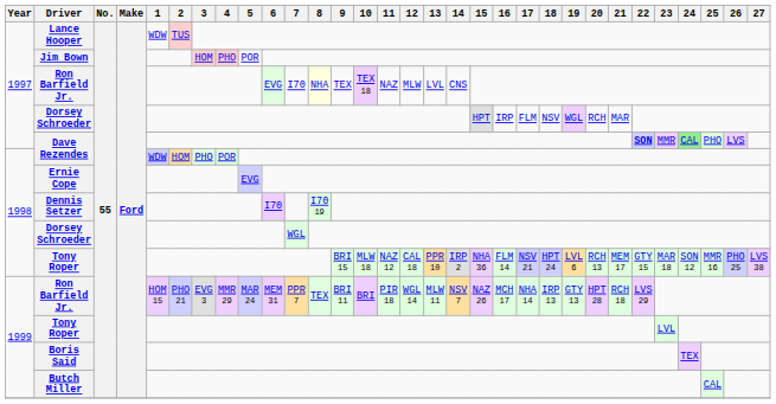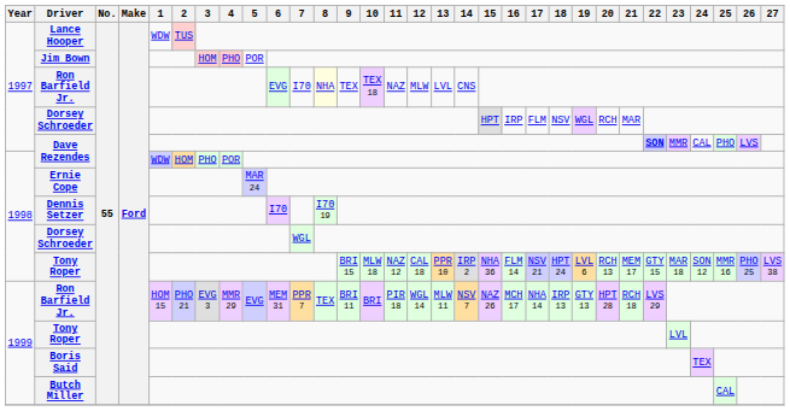 <table class="wikitable" style="text-align:center; font-size:75%">
 <tr>
 <th>Year</th>
 <th>Driver</th>
 <th>No.</th>
 <th>Make</th>
 <th>1</th>
 <th>2</th>
 <th>3</th>
 <th>4</th>
 <th>5</th>
 <th>6</th>
 <th>7</th>
 <th>8</th>
 <th>9</th>
 <th>10</th>
 <th>11</th>
 <th>12</th>
 <th>13</th>
 <th>14</th>
 <th>15</th>
 <th>16</th>
 <th>17</th>
 <th>18</th>
 <th>19</th>
 <th>20</th>
 <th>21</th>
 <th>22</th>
 <th>23</th>
 <th>24</th>
 <th>25</th>
 <th>26</th>
 <th>27</th>
 </tr>
 <tr>
 <td rowspan="5"><a href='#'>1997</a></td>
 <th><a href='#'>Lance Hooper</a></th>
 <th rowspan="14">55</th>
 <th rowspan="14"><a href='#'>Ford</a></th>
 <td><a href='#'>WDW</a></td>
 <td style="background:#FFCFCF;"><a href='#'>TUS</a><br></td>
 <td colspan="25"></td>
 </tr>
 <tr>
 <th><a href='#'>Jim Bown</a></th>
 <td colspan="2"></td>
 <td style="background:#FFCFCF;"><a href='#'>HOM</a><br></td>
 <td style="background:#FFCFCF;"><a href='#'>PHO</a><br></td>
 <td><a href='#'>POR</a></td>
 <td colspan="22"></td>
 </tr>
 <tr>
 <th><a href='#'>Ron Barfield Jr.</a></th>
 <td colspan="5"></td>
 <td style="background:#DFFFDF;"><a href='#'>EVG</a><br></td>
 <td><a href='#'>I70</a></td>
 <td style="background: lightyellow;"><a href='#'>NHA</a></td>
 <td><a href='#'>TEX</a></td>
 <td style="background:#EFCFFF;"><a href='#'>TEX</a><br><small>18</small></td>
 <td><a href='#'>NAZ</a></td>
 <td><a href='#'>MLW</a></td>
 <td><a href='#'>LVL</a></td>
 <td><a href='#'>CNS</a></td>
 <td colspan="21"></td>
 </tr>
 <tr>
 <th><a href='#'>Dorsey Schroeder</a></th>
 <td colspan="14"></td>
 <td style="background:#DFDFDF;"><a href='#'>HPT</a><br></td>
 <td><a href='#'>IRP</a></td>
 <td><a href='#'>FLM</a></td>
 <td><a href='#'>NSV</a></td>
 <td style="background:#EFCFFF;"><a href='#'>WGL</a><br></td>
 <td><a href='#'>RCH</a></td>
 <td><a href='#'>MAR</a></td>
 <td colspan="6"></td>
 </tr>
 <tr>
 <th rowspan="2"><a href='#'>Dave Rezendes</a></th>
 <td colspan="21"></td>
 <td style="background:#CFCFFF;"><strong><a href='#'>SON</a></strong><br></td>
 <td style="background:#EFCFFF;"><a href='#'>MMR</a><br></td>
-<td style="background: lightgreen;"><a href='#'>CAL</a></td>
+<td><a href='#'>CAL</a></td>
 <td style="background:#DFFFDF;"><a href='#'>PHO</a><br></td>
 <td style="background:#EFCFFF;"><a href='#'>LVS</a><br></td>
 <td></td>
 </tr>
 <tr>
 <td rowspan="5"><a href='#'>1998</a></td>
 <td style="background:#CFCFFF;"><a href='#'>WDW</a><br></td>
 <td style="background:#FFDF9F;"><a href='#'>HOM</a><br></td>
 <td style="background:#DFFFDF;"><a href='#'>PHO</a><br></td>
 <td style="background:#DFFFDF;"><a href='#'>POR</a><br></td>
 <td colspan="23"></td>
 </tr>
 <tr>
 <th><a href='#'>Ernie Cope</a></th>
 <td colspan="4"></td>
-<td style="background:#CFCFFF;"><a href='#'>EVG</a><br></td>
+<td style="background:#CFCFFF;"><a href='#'>MAR</a><br><small>24</small></td>
 <td colspan="22"></td>
 </tr>
 <tr>
 <th><a href='#'>Dennis Setzer</a></th>
 <td colspan=5></td>
 <td style="background:#EFCFFF;"><a href='#'>I70</a><br></td>
 <td></td>
 <td style="background:#DFFFDF;"><a href='#'>I70</a><br><small>19</small></td>
 <td colspan="19"></td>
 </tr>
 <tr>
 <th><a href='#'>Dorsey Schroeder</a></th>
 <td colspan="6"></td>
 <td style="background:#DFFFDF;"><a href='#'>WGL</a><br></td>
 <td colspan="20"></td>
 </tr>
 <tr>
 <th><a href='#'>Tony Roper</a></th>
 <td colspan="8"></td>
 <td bgcolor="DFFFDF"><a href='#'>BRI</a><br><small>15</small></td>
 <td bgcolor="DFFFDF"><a href='#'>MLW</a><br><small>18</small></td>
 <td bgcolor="DFFFDF"><a href='#'>NAZ</a><br><small>12</small></td>
 <td bgcolor="DFFFDF"><a href='#'>CAL</a><br><small>18</small></td>
 <td bgcolor="FFDF9F"><a href='#'>PPR</a><br><small>10</small></td>
 <td bgcolor="DFDFDF"><a href='#'>IRP</a><br><small>2</small></td>
 <td bgcolor="EFCFFF"><a href='#'>NHA</a><br><small>36</small></td>
 <td bgcolor="DFFFDF"><a href='#'>FLM</a><br><small>14</small></td>
 <td bgcolor="CFCFFF"><a href='#'>NSV</a><br><small>21</small></td>
 <td bgcolor="CFCFFF"><a href='#'>HPT</a><br><small>24</small></td>
 <td bgcolor="FFDF9F"><a href='#'>LVL</a><br><small>6</small></td>
 <td bgcolor="DFFFDF"><a href='#'>RCH</a><br><small>13</small></td>
 <td bgcolor="DFFFDF"><a href='#'>MEM</a><br><small>17</small></td>
 <td bgcolor="DFFFDF"><a href='#'>GTY</a><br><small>15</small></td>
 <td bgcolor="DFFFDF"><a href='#'>MAR</a><br><small>18</small></td>
 <td bgcolor="DFFFDF"><a href='#'>SON</a><br><small>12</small></td>
 <td bgcolor="DFFFDF"><a href='#'>MMR</a><br><small>16</small></td>
 <td bgcolor="CFCFFF"><a href='#'>PHO</a><br><small>25</small></td>
 <td bgcolor="EFCFFF"><a href='#'>LVS</a><br><small>38</small></td>
 </tr>
 <tr>
 <td rowspan="4"><a href='#'>1999</a></td>
 <th><a href='#'>Ron Barfield Jr.</a></th>
 <td style="background:#EFCFFF;"><a href='#'>HOM</a><br><small>15</small></td>
 <td style="background:#CFCFFF;"><a href='#'>PHO</a><br><small>21</small></td>
 <td style="background:#DFDFDF;"><a href='#'>EVG</a><br><small>3</small></td>
 <td style="background:#EFCFFF;"><a href='#'>MMR</a><br><small>29</small></td>
-<td style="background:#CFCFFF;"><a href='#'>MAR</a><br><small>24</small></td>
+<td style="background:#CFCFFF;"><a href='#'>EVG</a><br></td>
 <td style="background:#EFCFFF;"><a href='#'>MEM</a><br><small>31</small></td>
 <td style="background:#FFDF9F;"><a href='#'>PPR</a><br><small>7</small></td>
 <td style="background:#DFFFDF;"><a href='#'>TEX</a><br></td>
 <td style="background:#DFFFDF;"><a href='#'>BRI</a><br><small>11</small></td>
 <td style="background:#EFCFFF;"><a href='#'>BRI</a><br></td>
 <td style="background:#DFFFDF;"><a href='#'>PIR</a><br><small>18</small></td>
 <td style="background:#DFFFDF;"><a href='#'>WGL</a><br><small>14</small></td>
 <td style="background:#DFFFDF;"><a href='#'>MLW</a><br><small>11</small></td>
 <td style="background:#FFDF9F;"><a href='#'>NSV</a><br><small>7</small></td>
 <td style="background:#EFCFFF;"><a href='#'>NAZ</a><br><small>26</small></td>
 <td style="background:#DFFFDF;"><a href='#'>MCH</a><br><small>17</small></td>
 <td style="background:#DFFFDF;"><a href='#'>NHA</a><br><small>14</small></td>
 <td style="background:#DFFFDF;"><a href='#'>IRP</a><br><small>13</small></td>
 <td style="background:#DFFFDF;"><a href='#'>GTY</a><br><small>13</small></td>
 <td style="background:#EFCFFF;"><a href='#'>HPT</a><br><small>28</small></td>
 <td style="background:#DFFFDF;"><a href='#'>RCH</a><br><small>18</small></td>
 <td style="background:#EFCFFF;"><a href='#'>LVS</a><br><small>29</small></td>
 <td colspan="5"></td>
 </tr>
 <tr>
 <th><a href='#'>Tony Roper</a></th>
 <td colspan="22"></td>
 <td style="background:#DFFFDF;"><a href='#'>LVL</a><br></td>
 <td colspan="4"></td>
 </tr>
 <tr>
 <th><a href='#'>Boris Said</a></th>
 <td colspan="23"></td>
 <td style="background:#EFCFFF;"><a href='#'>TEX</a><br></td>
 <td colspan="3"></td>
 </tr>
 <tr>
 <th><a href='#'>Butch Miller</a></th>
 <td colspan="24"></td>
 <td style="background:#DFFFDF;"><a href='#'>CAL</a><br></td>
 <td colspan="2"></td>
 </tr>
 <tr>
 </tr>
 </table>
